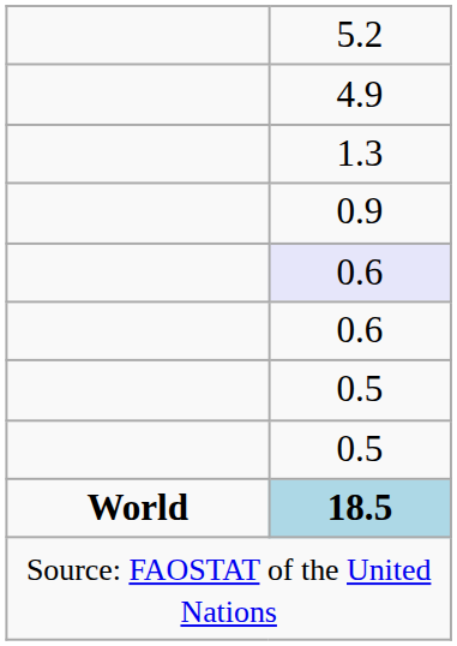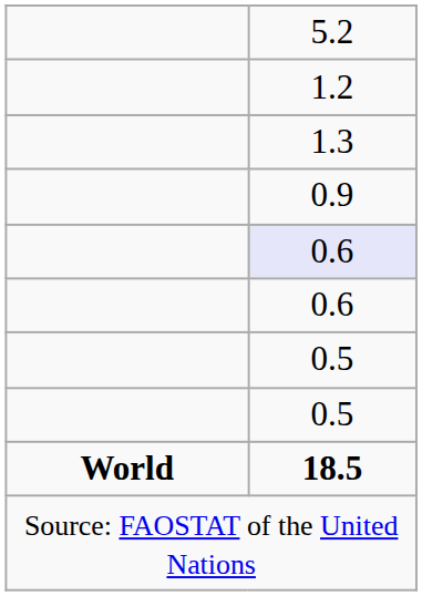 <table class="wikitable" style="float:right; width:12em; text-align:center;">
 <tr>
 <td></td>
 <td>5.2</td>
 </tr>
 <tr>
 <td></td>
-<td>4.9</td>
+<td>1.2</td>
 </tr>
 <tr>
 <td></td>
 <td>1.3</td>
 </tr>
 <tr>
 <td></td>
 <td>0.9</td>
 </tr>
 <tr>
 <td></td>
 <td style="background: lavender;">0.6</td>
 </tr>
 <tr>
 <td></td>
 <td>0.6</td>
 </tr>
 <tr>
 <td></td>
 <td>0.5</td>
 </tr>
 <tr>
 <td></td>
 <td>0.5</td>
 </tr>
 <tr>
 <td><strong>World</strong></td>
-<td style="background: lightblue;"><strong>18.5</strong></td>
+<td><strong>18.5</strong></td>
 </tr>
 <tr>
 <td colspan=2><small>Source: <a href='#'>FAOSTAT</a> of the <a href='#'>United Nations</a></small></td>
 </tr>
 </table>
